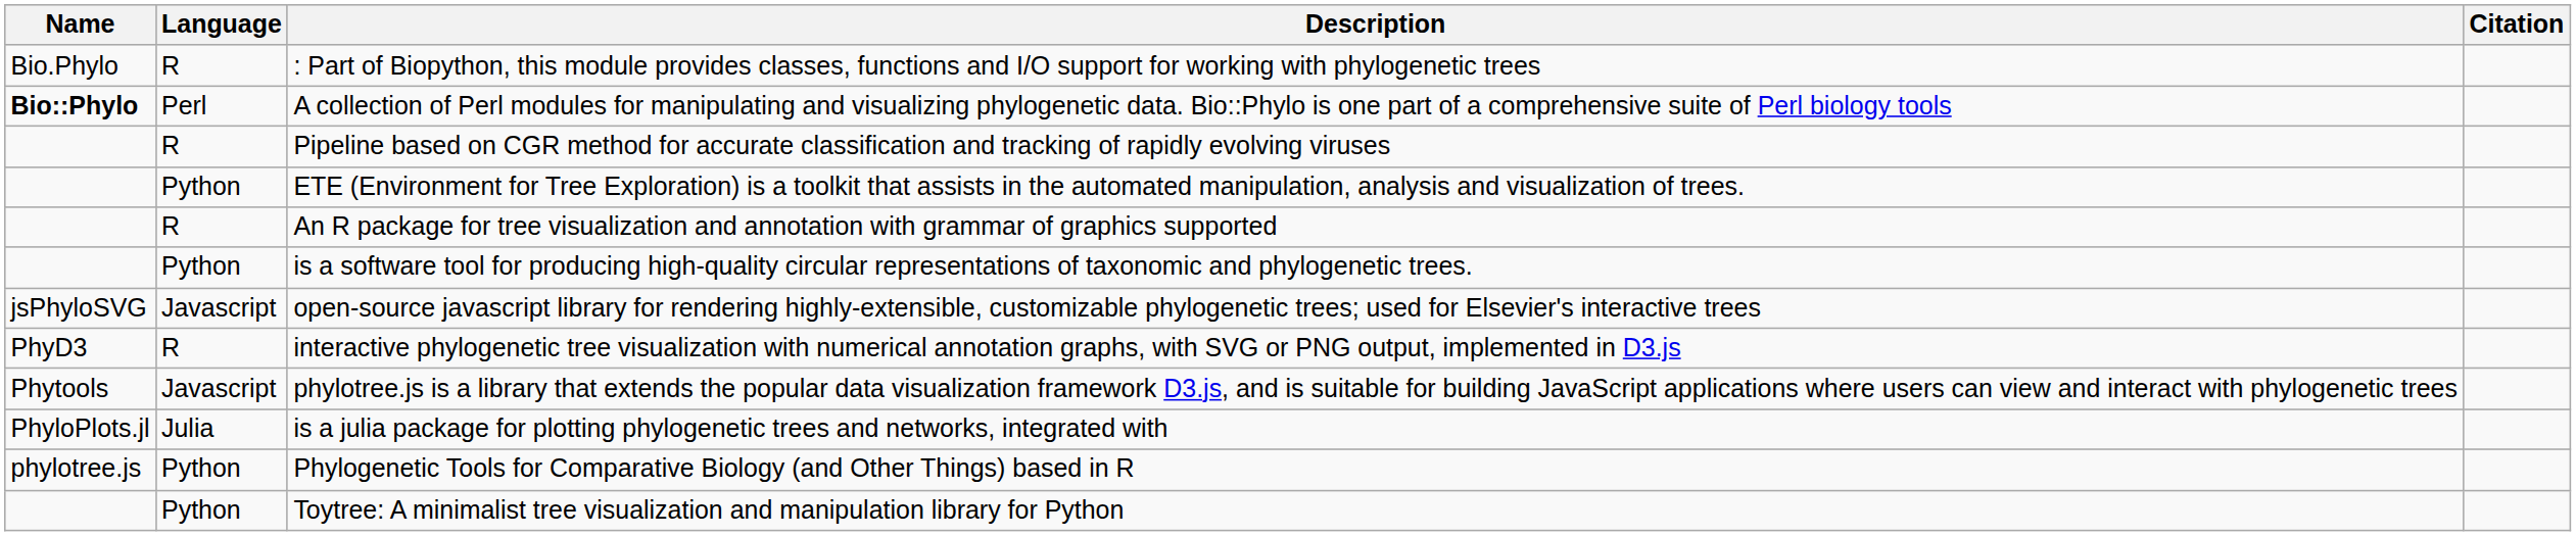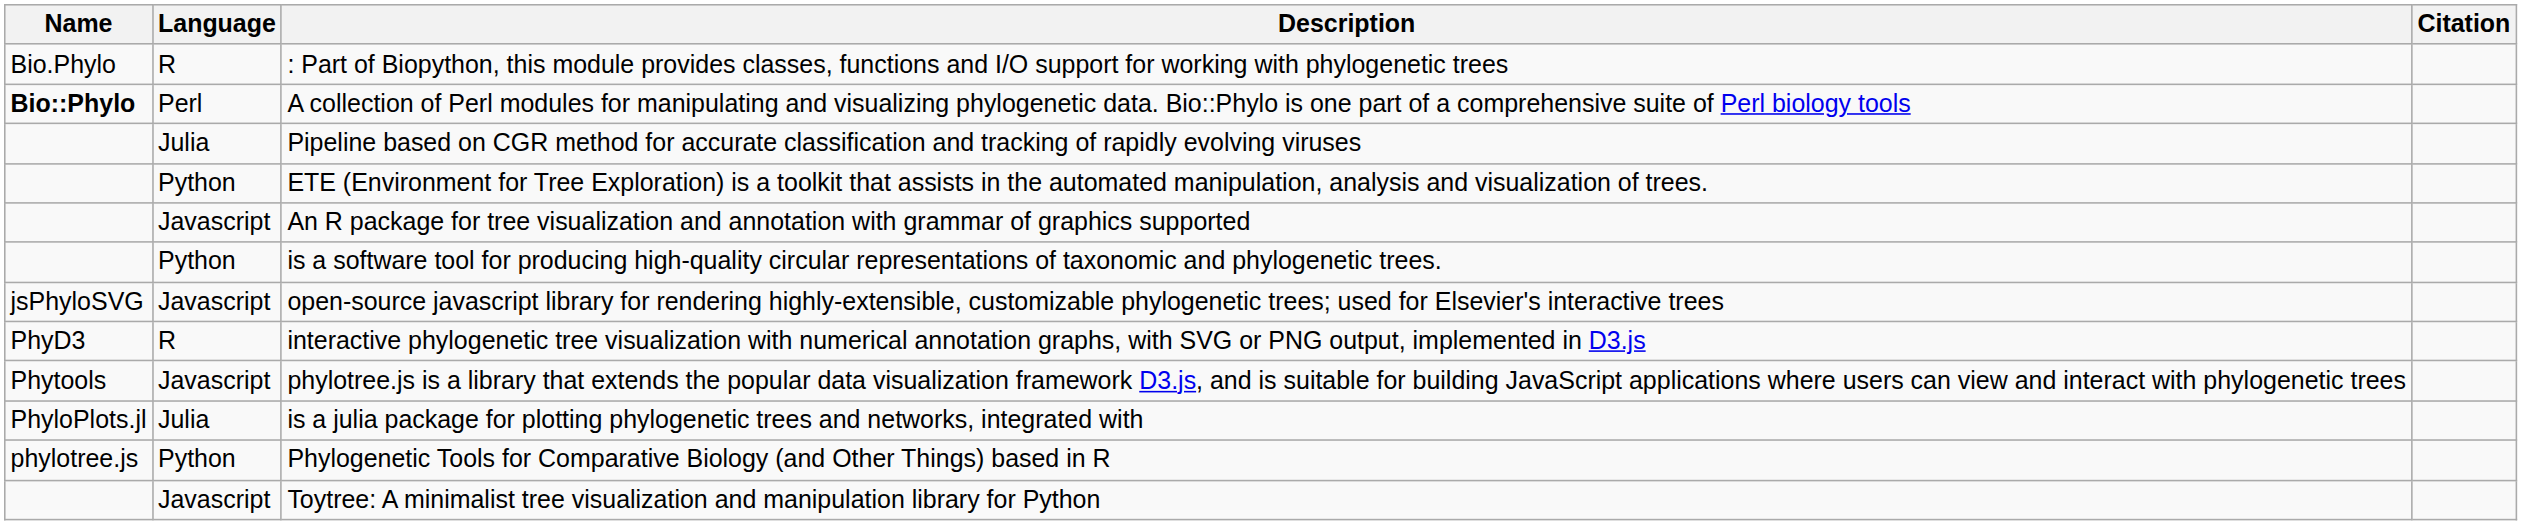 <table class="wikitable sortable">
 <tr>
 <th>Name</th>
 <th>Language</th>
 <th>Description</th>
 <th>Citation</th>
 </tr>
 <tr>
 <td>Bio.Phylo</td>
 <td>R</td>
 <td>: Part of Biopython, this module provides classes, functions and I/O support for working with phylogenetic trees</td>
 <td></td>
 </tr>
 <tr>
 <td><strong>Bio::Phylo</strong></td>
 <td>Perl</td>
 <td>A collection of Perl modules for manipulating and visualizing phylogenetic data. Bio::Phylo is one part of a comprehensive suite of <a href='#'>Perl biology tools</a></td>
 <td></td>
 </tr>
 <tr>
 <td></td>
-<td>R</td>
+<td>Julia</td>
 <td>Pipeline based on CGR method for accurate classification and tracking of rapidly evolving viruses</td>
 <td></td>
 </tr>
 <tr>
 <td></td>
 <td>Python</td>
 <td>ETE (Environment for Tree Exploration) is a toolkit that assists in the automated manipulation, analysis and visualization of trees.</td>
 <td></td>
 </tr>
 <tr>
 <td></td>
-<td>R</td>
+<td>Javascript</td>
 <td>An R package for tree visualization and annotation with grammar of graphics supported</td>
 <td></td>
 </tr>
 <tr>
 <td></td>
 <td>Python</td>
 <td> is a software tool for producing high-quality circular representations of taxonomic and phylogenetic trees.</td>
 <td></td>
 </tr>
 <tr>
 <td>jsPhyloSVG</td>
 <td>Javascript</td>
 <td>open-source javascript library for rendering highly-extensible, customizable phylogenetic trees; used for Elsevier's interactive trees</td>
 <td></td>
 </tr>
 <tr>
 <td>PhyD3</td>
 <td>R</td>
 <td>interactive phylogenetic tree visualization with numerical annotation graphs, with SVG or PNG output, implemented in <a href='#'>D3.js</a></td>
 <td></td>
 </tr>
 <tr>
 <td>Phytools</td>
 <td>Javascript</td>
 <td>phylotree.js is a library that extends the popular data visualization framework <a href='#'>D3.js</a>, and is suitable for building JavaScript applications where users can view and interact with phylogenetic trees</td>
 <td></td>
 </tr>
 <tr>
 <td>PhyloPlots.jl</td>
 <td>Julia</td>
 <td> is a julia package for plotting phylogenetic trees and networks, integrated with </td>
 <td></td>
 </tr>
 <tr>
 <td>phylotree.js</td>
 <td>Python</td>
 <td>Phylogenetic Tools for Comparative Biology (and Other Things) based in R</td>
 <td></td>
 </tr>
 <tr>
 <td></td>
-<td>Python</td>
+<td>Javascript</td>
 <td>Toytree: A minimalist tree visualization and manipulation library for Python</td>
 <td></td>
 </tr>
 </table>
